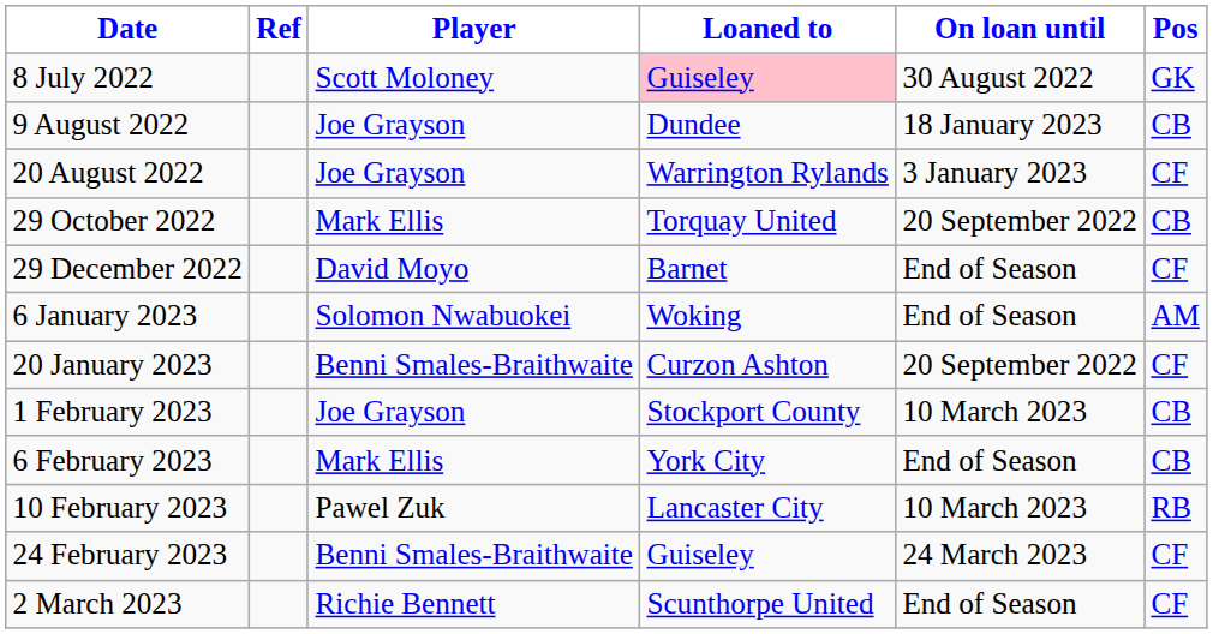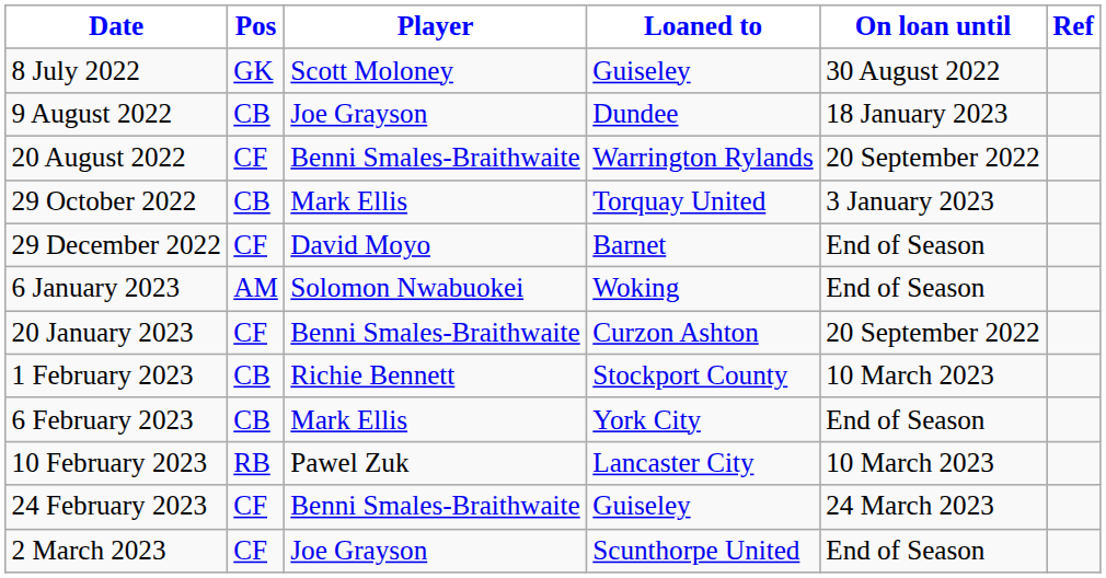 <table class="wikitable plainrowheaders sortable">
 <tr>
 <th style="background:#FFFFFF; color:#0000FF; ">Date</th>
-<th style="background:#FFFFFF; color:#0000ff; ">Ref</th>
+<th style="background:#FFFFFF; color:#0000ff; ">Pos</th>
 <th style="background:#FFFFFF; color:#0000ff; ">Player</th>
 <th style="background:#FFFFFF; color:#0000ff; ">Loaned to</th>
 <th style="background:#FFFFFF; color:#0000ff; ">On loan until</th>
-<th style="background:#FFFFFF; color:#0000ff; ">Pos</th>
+<th style="background:#FFFFFF; color:#0000ff; ">Ref</th>
 </tr>
 <tr>
 <td>8 July 2022</td>
+<td><a href='#'>GK</a></td>
+<td> <a href='#'>Scott Moloney</a></td>
+<td> <a href='#'>Guiseley</a></td>
+<td>30 August 2022</td>
 <td></td>
-<td> <a href='#'>Scott Moloney</a></td>
-<td style="background: pink;"> <a href='#'>Guiseley</a></td>
-<td>30 August 2022</td>
-<td><a href='#'>GK</a></td>
 </tr>
 <tr>
 <td>9 August 2022</td>
-<td></td>
+<td><a href='#'>CB</a></td>
 <td> <a href='#'>Joe Grayson</a></td>
 <td> <a href='#'>Dundee</a></td>
 <td>18 January 2023</td>
-<td><a href='#'>CB</a></td>
+<td></td>
 </tr>
 <tr>
 <td>20 August 2022</td>
+<td><a href='#'>CF</a></td>
+<td> <a href='#'>Benni Smales-Braithwaite</a></td>
+<td> <a href='#'>Warrington Rylands</a></td>
+<td>20 September 2022</td>
 <td></td>
-<td> <a href='#'>Joe Grayson</a></td>
-<td> <a href='#'>Warrington Rylands</a></td>
-<td>3 January 2023</td>
-<td><a href='#'>CF</a></td>
 </tr>
 <tr>
 <td>29 October 2022</td>
-<td></td>
+<td><a href='#'>CB</a></td>
 <td> <a href='#'>Mark Ellis</a></td>
 <td> <a href='#'>Torquay United</a></td>
-<td>20 September 2022</td>
-<td><a href='#'>CB</a></td>
+<td>3 January 2023</td>
+<td></td>
 </tr>
 <tr>
 <td>29 December 2022</td>
-<td></td>
+<td><a href='#'>CF</a></td>
 <td> <a href='#'>David Moyo</a></td>
 <td> <a href='#'>Barnet</a></td>
 <td>End of Season</td>
-<td><a href='#'>CF</a></td>
+<td></td>
 </tr>
 <tr>
 <td>6 January 2023</td>
-<td></td>
+<td><a href='#'>AM</a></td>
 <td> <a href='#'>Solomon Nwabuokei</a></td>
 <td> <a href='#'>Woking</a></td>
 <td>End of Season</td>
-<td><a href='#'>AM</a></td>
+<td></td>
 </tr>
 <tr>
 <td>20 January 2023</td>
-<td></td>
+<td><a href='#'>CF</a></td>
 <td> <a href='#'>Benni Smales-Braithwaite</a></td>
 <td> <a href='#'>Curzon Ashton</a></td>
 <td>20 September 2022</td>
-<td><a href='#'>CF</a></td>
+<td></td>
 </tr>
 <tr>
 <td>1 February 2023</td>
-<td></td>
-<td> <a href='#'>Joe Grayson</a></td>
+<td><a href='#'>CB</a></td>
+<td> <a href='#'>Richie Bennett</a></td>
 <td> <a href='#'>Stockport County</a></td>
 <td>10 March 2023</td>
-<td><a href='#'>CB</a></td>
+<td></td>
 </tr>
 <tr>
 <td>6 February 2023</td>
-<td></td>
+<td><a href='#'>CB</a></td>
 <td> <a href='#'>Mark Ellis</a></td>
 <td> <a href='#'>York City</a></td>
 <td>End of Season</td>
-<td><a href='#'>CB</a></td>
+<td></td>
 </tr>
 <tr>
 <td>10 February 2023</td>
-<td></td>
+<td><a href='#'>RB</a></td>
 <td> Pawel Zuk</td>
 <td> <a href='#'>Lancaster City</a></td>
 <td>10 March 2023</td>
-<td><a href='#'>RB</a></td>
+<td></td>
 </tr>
 <tr>
 <td>24 February 2023</td>
-<td></td>
+<td><a href='#'>CF</a></td>
 <td> <a href='#'>Benni Smales-Braithwaite</a></td>
 <td> <a href='#'>Guiseley</a></td>
 <td>24 March 2023</td>
-<td><a href='#'>CF</a></td>
+<td></td>
 </tr>
 <tr>
 <td>2 March 2023</td>
-<td></td>
-<td> <a href='#'>Richie Bennett</a></td>
+<td><a href='#'>CF</a></td>
+<td> <a href='#'>Joe Grayson</a></td>
 <td> <a href='#'>Scunthorpe United</a></td>
 <td>End of Season</td>
-<td><a href='#'>CF</a></td>
+<td></td>
 </tr>
 </table>
